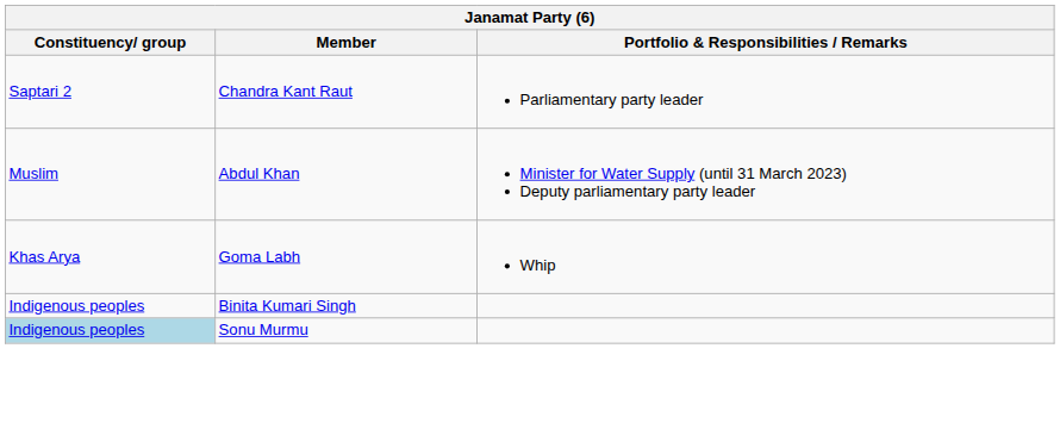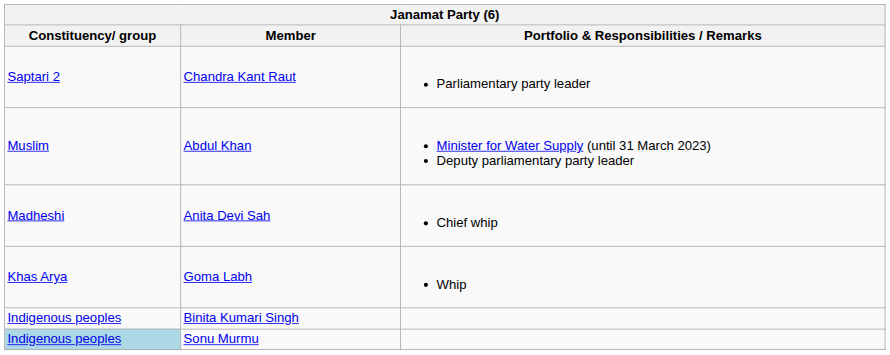 <table class="wikitable sortable">
 <tr>
 <th colspan="3" style="width: 800pt; background:">Janamat Party (6)</th>
 </tr>
 <tr>
 <th style="width:20%;">Constituency/ group</th>
 <th style="width:25%;">Member</th>
 <th>Portfolio & Responsibilities / Remarks</th>
 </tr>
 <tr>
 <td><a href='#'>Saptari 2</a></td>
 <td><a href='#'>Chandra Kant Raut</a></td>
 <td><br><ul><li>Parliamentary party leader</li></ul></td>
 </tr>
 <tr>
 <td><a href='#'>Muslim</a></td>
 <td><a href='#'>Abdul Khan</a></td>
 <td><br><ul><li><a href='#'>Minister for Water Supply</a> (until 31 March 2023)</li><li>Deputy parliamentary party leader</li></ul></td>
 </tr>
 <tr>
+<td><a href='#'>Madheshi</a></td>
+<td><a href='#'>Anita Devi Sah</a></td>
+<td><br><ul><li>Chief whip</li></ul></td>
+</tr>
+<tr>
 <td><a href='#'>Khas Arya</a></td>
 <td><a href='#'>Goma Labh</a></td>
 <td><br><ul><li>Whip</li></ul></td>
 </tr>
 <tr>
 <td><a href='#'>Indigenous peoples</a></td>
 <td><a href='#'>Binita Kumari Singh</a></td>
 <td></td>
 </tr>
 <tr>
 <td style="background: lightblue;"><a href='#'>Indigenous peoples</a></td>
 <td><a href='#'>Sonu Murmu</a></td>
 <td></td>
 </tr>
 </table>
